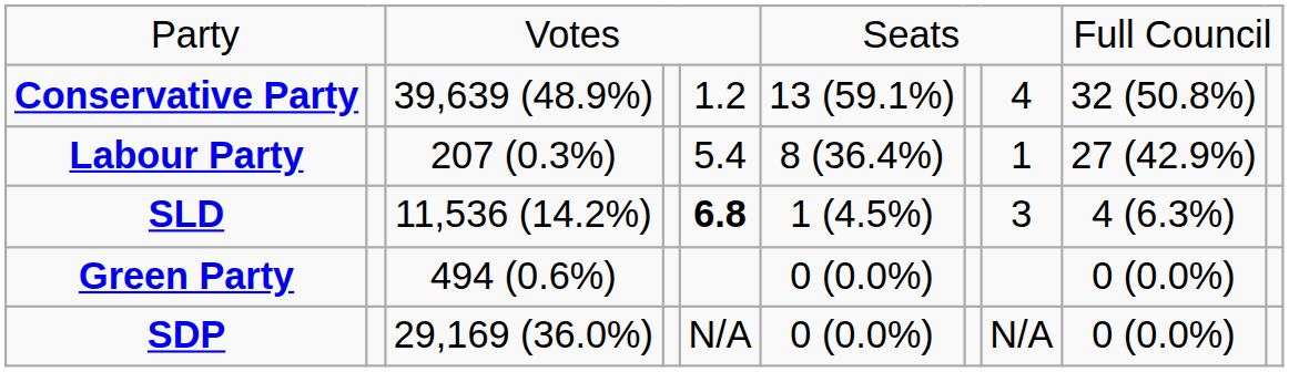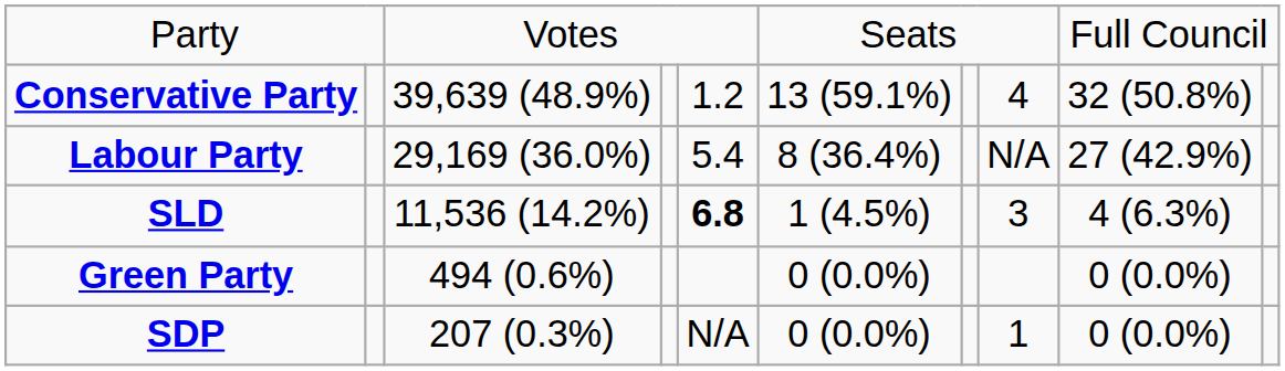 <table class=wikitable style="text-align:center;">
 <tr>
 <td colspan=2>Party</td>
 <td colspan=3>Votes</td>
 <td colspan=3>Seats</td>
 <td colspan=3>Full Council</td>
 </tr>
 <tr>
 <td><strong><a href='#'>Conservative Party</a></strong></td>
 <td style="background:"></td>
 <td>39,639 (48.9%)</td>
 <td></td>
 <td> 1.2</td>
 <td>13 (59.1%)</td>
 <td></td>
 <td> 4</td>
 <td>32 (50.8%)</td>
 <td></td>
 </tr>
 <tr>
 <td><strong><a href='#'>Labour Party</a></strong></td>
 <td style="background:"></td>
-<td>207 (0.3%)</td>
+<td>29,169 (36.0%)</td>
 <td></td>
 <td> 5.4</td>
 <td>8 (36.4%)</td>
 <td></td>
-<td> 1</td>
+<td>N/A</td>
 <td>27 (42.9%)</td>
 <td></td>
 </tr>
 <tr>
 <td><strong><a href='#'>SLD</a></strong></td>
 <td style="background:"></td>
 <td>11,536 (14.2%)</td>
 <td></td>
 <td><strong> 6.8</strong></td>
 <td>1 (4.5%)</td>
 <td></td>
 <td> 3</td>
 <td>4 (6.3%)</td>
 <td></td>
 </tr>
 <tr>
 <td><strong><a href='#'>Green Party</a></strong></td>
 <td style="background:"></td>
 <td>494 (0.6%)</td>
 <td></td>
 <td></td>
 <td>0 (0.0%)</td>
 <td></td>
 <td></td>
 <td>0 (0.0%)</td>
 <td></td>
 </tr>
 <tr>
 <td><strong><a href='#'>SDP</a></strong></td>
 <td style="background:"></td>
-<td>29,169 (36.0%)</td>
+<td>207 (0.3%)</td>
 <td></td>
 <td>N/A</td>
 <td>0 (0.0%)</td>
 <td></td>
-<td>N/A</td>
+<td> 1</td>
 <td>0 (0.0%)</td>
 <td></td>
 </tr>
 </table>
